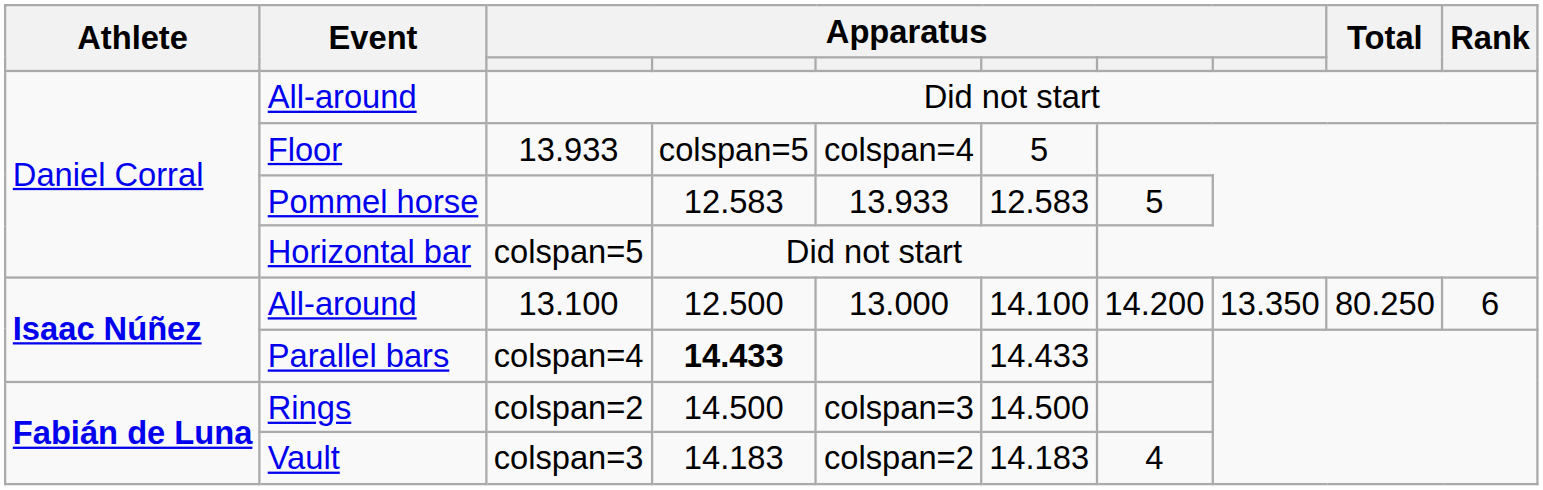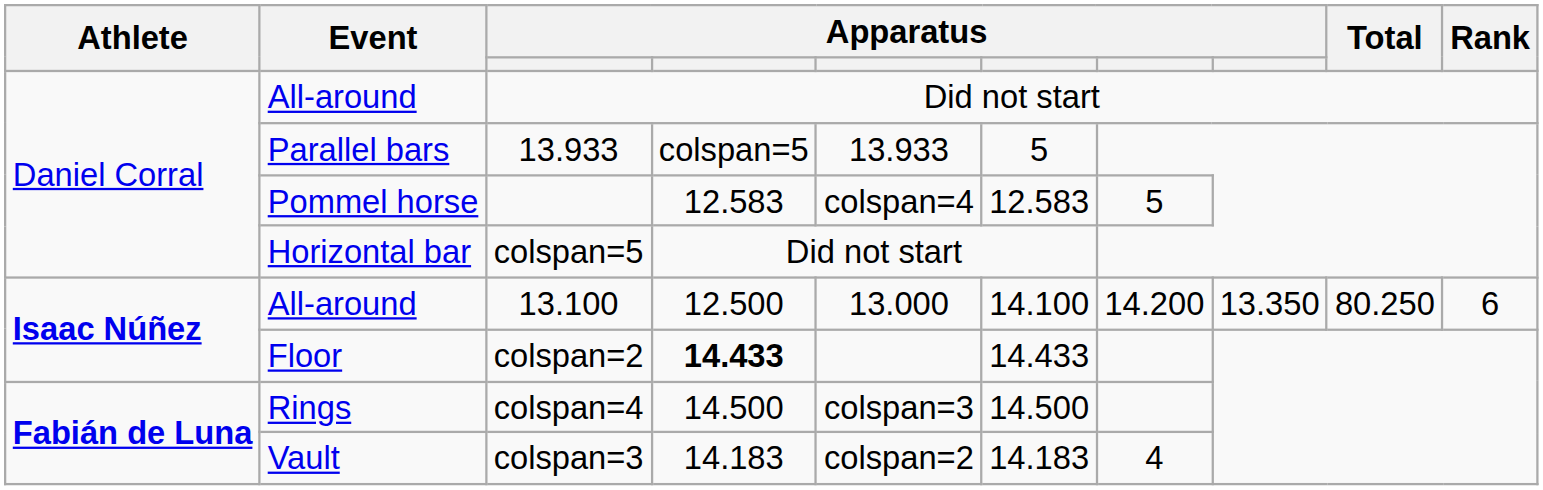 <table class="wikitable" style="font-size:90%">
 <tr>
 <th rowspan=2>Athlete</th>
 <th rowspan=2>Event</th>
 <th colspan=6>Apparatus</th>
 <th rowspan=2>Total</th>
 <th rowspan=2>Rank</th>
 </tr>
 <tr style="font-size:95%">
 <th></th>
 <th></th>
 <th></th>
 <th></th>
 <th></th>
 <th></th>
 </tr>
 <tr align=center>
 <td align=left rowspan=4><a href='#'>Daniel Corral</a></td>
 <td align=left><a href='#'>All-around</a></td>
 <td colspan=8>Did not start</td>
 </tr>
 <tr align=center>
-<td align=left><a href='#'>Floor</a></td>
+<td align=left><a href='#'>Parallel bars</a></td>
 <td>13.933</td>
 <td>colspan=5 </td>
-<td>colspan=4 </td>
+<td>13.933</td>
 <td>5</td>
 </tr>
 <tr align=center>
 <td align=left><a href='#'>Pommel horse</a></td>
 <td></td>
 <td>12.583</td>
-<td>13.933</td>
+<td>colspan=4 </td>
 <td>12.583</td>
 <td>5</td>
 </tr>
 <tr align=center>
 <td align=left><a href='#'>Horizontal bar</a></td>
 <td>colspan=5 </td>
 <td colspan=3>Did not start</td>
 </tr>
 <tr align=center>
 <td align=left rowspan=2><strong><a href='#'>Isaac Núñez</a></strong></td>
 <td align=left><a href='#'>All-around</a></td>
 <td>13.100</td>
 <td>12.500</td>
 <td>13.000</td>
 <td>14.100</td>
 <td>14.200</td>
 <td>13.350</td>
 <td>80.250</td>
 <td>6</td>
 </tr>
 <tr align=center>
-<td align=left><a href='#'>Parallel bars</a></td>
-<td>colspan=4 </td>
+<td align=left><a href='#'>Floor</a></td>
+<td>colspan=2 </td>
 <td><strong>14.433</strong></td>
 <td></td>
 <td>14.433</td>
 <td></td>
 </tr>
 <tr align=center>
 <td align=left rowspan=2><strong><a href='#'>Fabián de Luna</a></strong></td>
 <td align=left><a href='#'>Rings</a></td>
-<td>colspan=2 </td>
+<td>colspan=4 </td>
 <td>14.500</td>
 <td>colspan=3 </td>
 <td>14.500</td>
 <td></td>
 </tr>
 <tr align=center>
 <td align=left><a href='#'>Vault</a></td>
 <td>colspan=3 </td>
 <td>14.183</td>
 <td>colspan=2 </td>
 <td>14.183</td>
 <td>4</td>
 </tr>
 </table>
